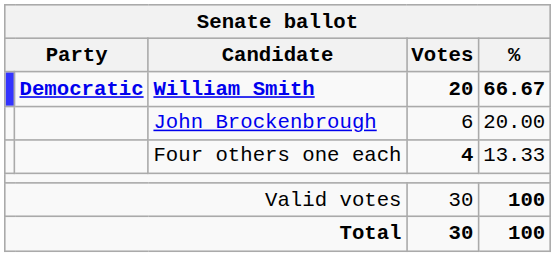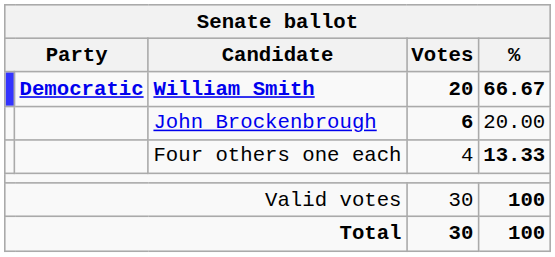 <table class=wikitable style=text-align:right>
 <tr>
 <th colspan="5">Senate ballot</th>
 </tr>
 <tr>
 <th colspan=2>Party</th>
 <th>Candidate</th>
 <th>Votes</th>
 <th>%</th>
 </tr>
 <tr>
 <td bgcolor=#3333FF></td>
 <td align=left><strong><a href='#'>Democratic</a></strong></td>
 <td align=left><strong><a href='#'>William Smith</a></strong></td>
 <td><strong>20</strong></td>
 <td><strong>66.67</strong></td>
 </tr>
 <tr>
 <td bgcolor=></td>
 <td></td>
 <td align=left><a href='#'>John Brockenbrough</a></td>
-<td>6</td>
+<td><strong>6</strong></td>
 <td>20.00</td>
 </tr>
 <tr>
 <td bgcolor=></td>
 <td></td>
 <td align=left>Four others one each</td>
-<td><strong>4</strong></td>
-<td>13.33</td>
+<td>4</td>
+<td><strong>13.33</strong></td>
 </tr>
 <tr>
 <td colspan=12></td>
 </tr>
 <tr>
 <td colspan=3>Valid votes</td>
 <td>30</td>
 <td><strong>100</strong></td>
 </tr>
 <tr>
 <td colspan=3><strong>Total</strong></td>
 <td><strong>30</strong></td>
 <td><strong>100</strong></td>
 </tr>
 </table>
